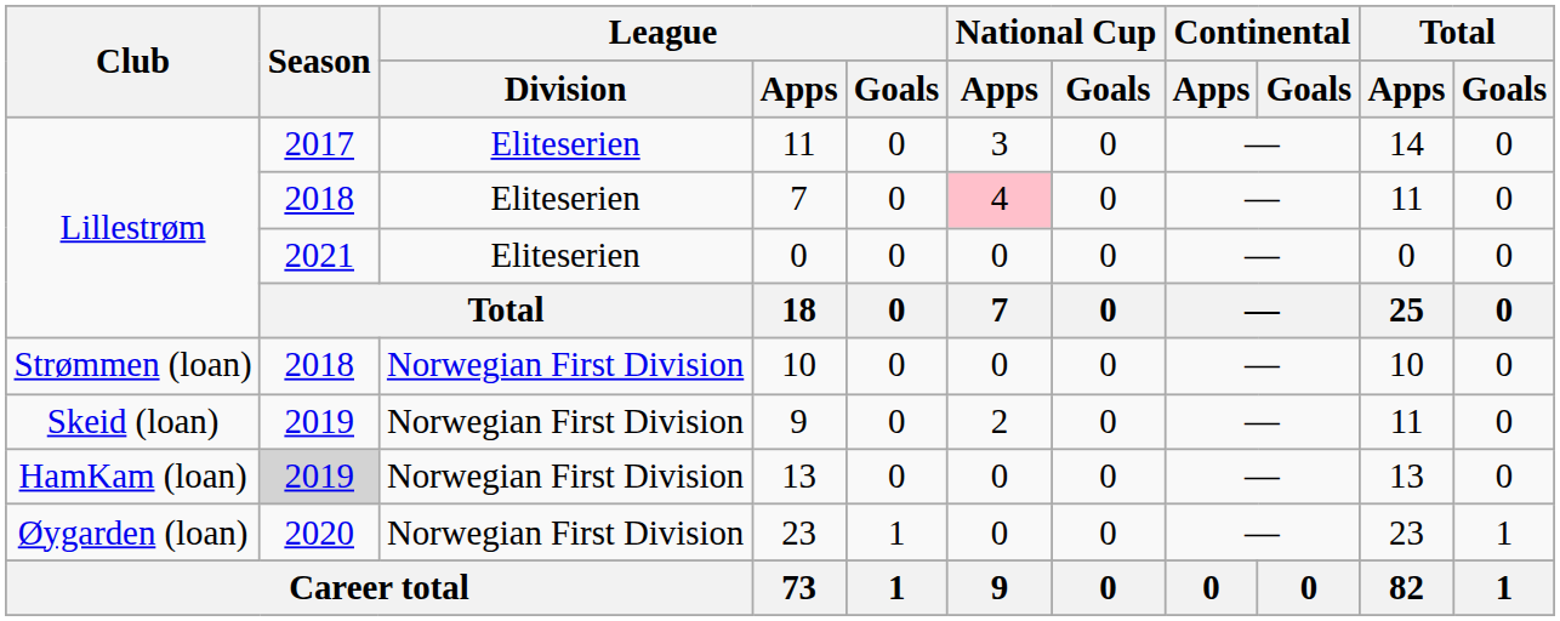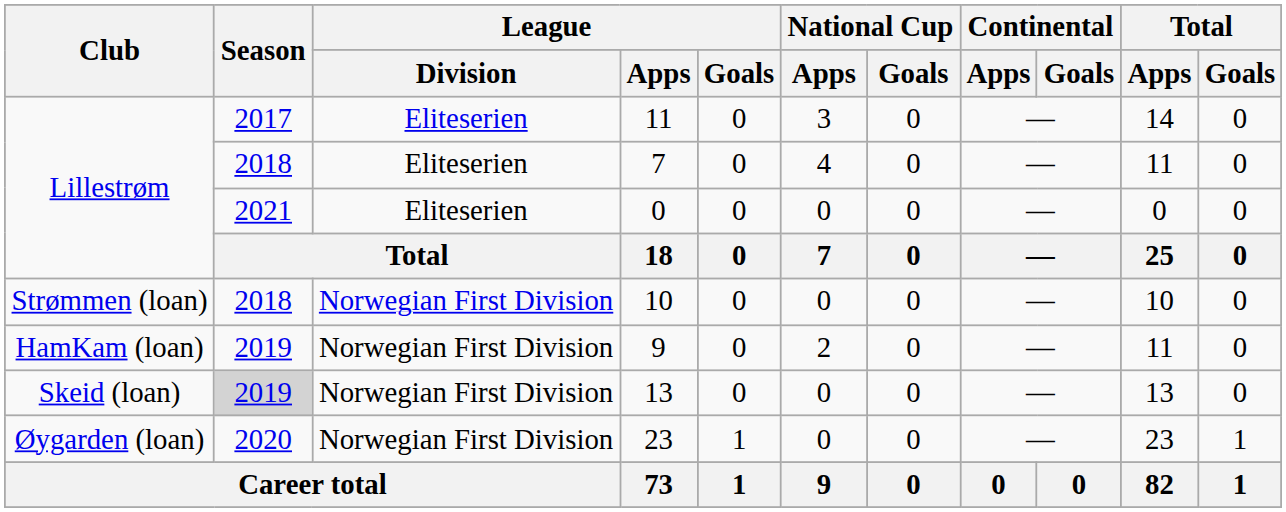 <table class="wikitable" style="text-align: center;">
 <tr>
 <th rowspan="2">Club</th>
 <th rowspan="2">Season</th>
 <th colspan="3">League</th>
 <th colspan="2">National Cup</th>
 <th colspan="2">Continental</th>
 <th colspan="2">Total</th>
 </tr>
 <tr>
 <th>Division</th>
 <th>Apps</th>
 <th>Goals</th>
 <th>Apps</th>
 <th>Goals</th>
 <th>Apps</th>
 <th>Goals</th>
 <th>Apps</th>
 <th>Goals</th>
 </tr>
 <tr>
 <td rowspan="4"><a href='#'>Lillestrøm</a></td>
 <td><a href='#'>2017</a></td>
 <td><a href='#'>Eliteserien</a></td>
 <td>11</td>
 <td>0</td>
 <td>3</td>
 <td>0</td>
 <td colspan="2">—</td>
 <td>14</td>
 <td>0</td>
 </tr>
 <tr>
 <td><a href='#'>2018</a></td>
 <td>Eliteserien</td>
 <td>7</td>
 <td>0</td>
-<td style="background: pink;">4</td>
+<td>4</td>
 <td>0</td>
 <td colspan="2">—</td>
 <td>11</td>
 <td>0</td>
 </tr>
 <tr>
 <td><a href='#'>2021</a></td>
 <td>Eliteserien</td>
 <td>0</td>
 <td>0</td>
 <td>0</td>
 <td>0</td>
 <td colspan="2">—</td>
 <td>0</td>
 <td>0</td>
 </tr>
 <tr>
 <th colspan="2">Total</th>
 <th>18</th>
 <th>0</th>
 <th>7</th>
 <th>0</th>
 <th colspan="2">—</th>
 <th>25</th>
 <th>0</th>
 </tr>
 <tr>
 <td><a href='#'>Strømmen</a> (loan)</td>
 <td><a href='#'>2018</a></td>
 <td><a href='#'>Norwegian First Division</a></td>
 <td>10</td>
 <td>0</td>
 <td>0</td>
 <td>0</td>
 <td colspan="2">—</td>
 <td>10</td>
 <td>0</td>
 </tr>
 <tr>
-<td><a href='#'>Skeid</a> (loan)</td>
+<td><a href='#'>HamKam</a> (loan)</td>
 <td><a href='#'>2019</a></td>
 <td>Norwegian First Division</td>
 <td>9</td>
 <td>0</td>
 <td>2</td>
 <td>0</td>
 <td colspan="2">—</td>
 <td>11</td>
 <td>0</td>
 </tr>
 <tr>
-<td><a href='#'>HamKam</a> (loan)</td>
+<td><a href='#'>Skeid</a> (loan)</td>
 <td style="background: lightgrey;"><a href='#'>2019</a></td>
 <td>Norwegian First Division</td>
 <td>13</td>
 <td>0</td>
 <td>0</td>
 <td>0</td>
 <td colspan="2">—</td>
 <td>13</td>
 <td>0</td>
 </tr>
 <tr>
 <td><a href='#'>Øygarden</a> (loan)</td>
 <td><a href='#'>2020</a></td>
 <td>Norwegian First Division</td>
 <td>23</td>
 <td>1</td>
 <td>0</td>
 <td>0</td>
 <td colspan="2">—</td>
 <td>23</td>
 <td>1</td>
 </tr>
 <tr>
 <th colspan="3">Career total</th>
 <th>73</th>
 <th>1</th>
 <th>9</th>
 <th>0</th>
 <th>0</th>
 <th>0</th>
 <th>82</th>
 <th>1</th>
 </tr>
 </table>
